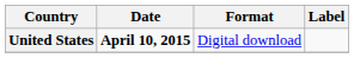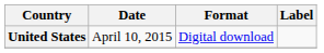 <table class="wikitable">
 <tr>
 <th>Country</th>
 <th>Date</th>
 <th>Format</th>
 <th>Label</th>
 </tr>
 <tr>
 <th>United States</th>
-<td><strong>April 10, 2015</strong></td>
+<td>April 10, 2015</td>
 <td><a href='#'>Digital download</a></td>
 <td></td>
 </tr>
 <tr>
 </tr>
 </table>
